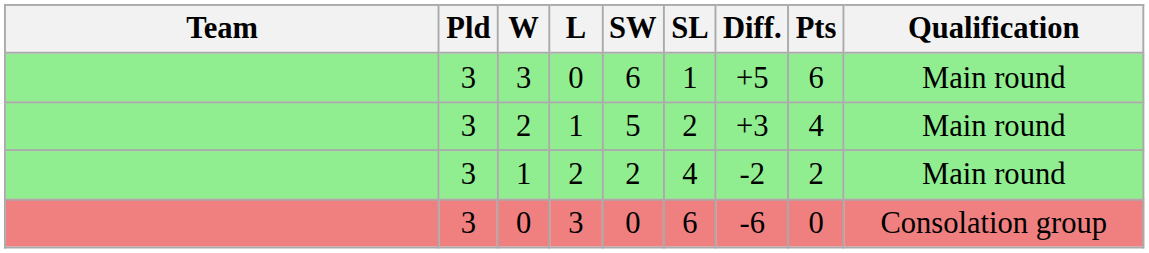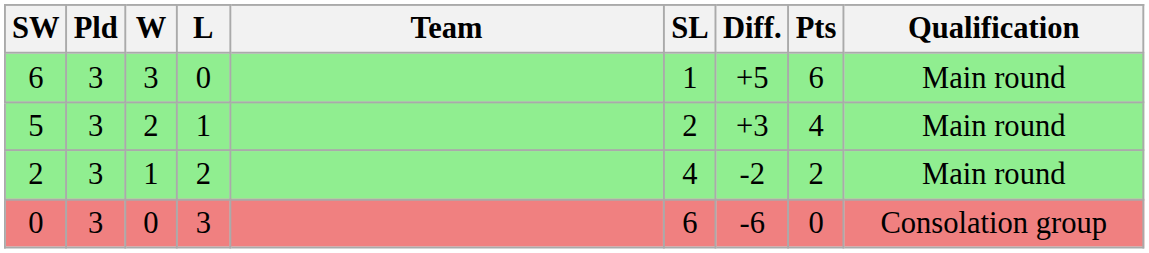 <table class=wikitable style="text-align:center">
 <tr>
-<th width=220>Team</th>
+<th width=20>SW</th>
 <th width=20>Pld</th>
 <th width=20>W</th>
 <th width=20>L</th>
-<th width=20>SW</th>
+<th width=220>Team</th>
 <th width=20>SL</th>
 <th width=20>Diff.</th>
 <th width=20>Pts</th>
 <th width=150>Qualification</th>
 </tr>
 <tr bgcolor=90EE90>
-<td align=left></td>
+<td>6</td>
 <td>3</td>
 <td>3</td>
 <td>0</td>
-<td>6</td>
+<td align=left></td>
 <td>1</td>
 <td>+5</td>
 <td>6</td>
 <td>Main round</td>
 </tr>
 <tr bgcolor=90EE90>
-<td align=left></td>
+<td>5</td>
 <td>3</td>
 <td>2</td>
 <td>1</td>
-<td>5</td>
+<td align=left></td>
 <td>2</td>
 <td>+3</td>
 <td>4</td>
 <td>Main round</td>
 </tr>
 <tr bgcolor=90EE90>
-<td align=left></td>
+<td>2</td>
 <td>3</td>
 <td>1</td>
 <td>2</td>
-<td>2</td>
+<td align=left></td>
 <td>4</td>
 <td>-2</td>
 <td>2</td>
 <td>Main round</td>
 </tr>
 <tr bgcolor=F08080>
-<td align=left></td>
+<td>0</td>
 <td>3</td>
 <td>0</td>
 <td>3</td>
-<td>0</td>
+<td align=left></td>
 <td>6</td>
 <td>-6</td>
 <td>0</td>
 <td>Consolation group</td>
 </tr>
 </table>
